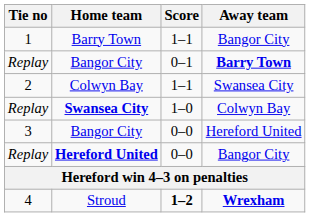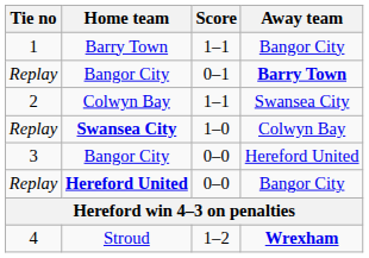 <table class="wikitable" style="text-align: center">
 <tr>
 <th>Tie no</th>
 <th>Home team</th>
 <th>Score</th>
 <th>Away team</th>
 </tr>
 <tr>
 <td>1</td>
 <td><a href='#'>Barry Town</a></td>
 <td>1–1</td>
 <td><a href='#'>Bangor City</a></td>
 </tr>
 <tr>
 <td><em>Replay</em></td>
 <td><a href='#'>Bangor City</a></td>
 <td>0–1</td>
 <td><strong><a href='#'>Barry Town</a></strong></td>
 </tr>
 <tr>
 <td>2</td>
 <td><a href='#'>Colwyn Bay</a></td>
 <td>1–1</td>
 <td><a href='#'>Swansea City</a></td>
 </tr>
 <tr>
 <td><em>Replay</em></td>
 <td><strong><a href='#'>Swansea City</a></strong></td>
 <td>1–0</td>
 <td><a href='#'>Colwyn Bay</a></td>
 </tr>
 <tr>
 <td>3</td>
 <td><a href='#'>Bangor City</a></td>
 <td>0–0</td>
 <td><a href='#'>Hereford United</a></td>
 </tr>
 <tr>
 <td><em>Replay</em></td>
 <td><strong><a href='#'>Hereford United</a></strong></td>
 <td>0–0</td>
 <td><a href='#'>Bangor City</a></td>
 </tr>
 <tr>
 <th colspan=5>Hereford win 4–3 on penalties</th>
 </tr>
 <tr>
 <td>4</td>
 <td><a href='#'>Stroud</a></td>
-<td><strong>1–2</strong></td>
+<td>1–2</td>
 <td><strong><a href='#'>Wrexham</a></strong></td>
 </tr>
 </table>
